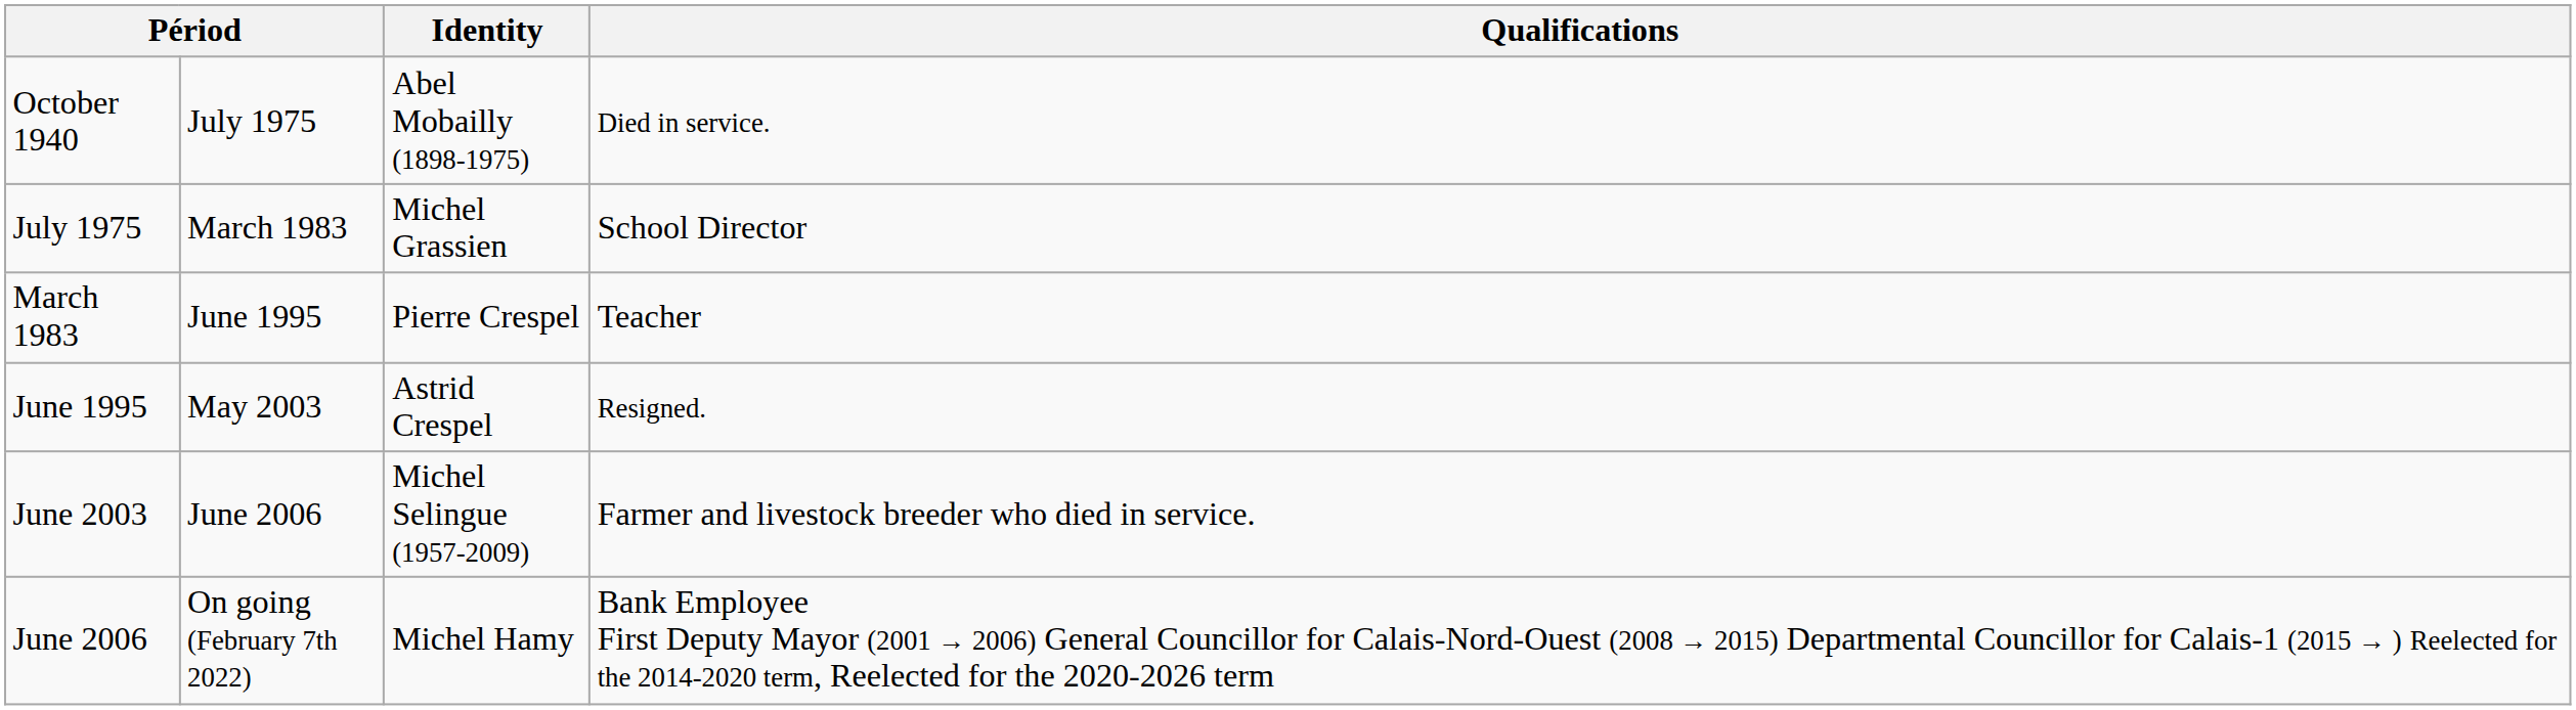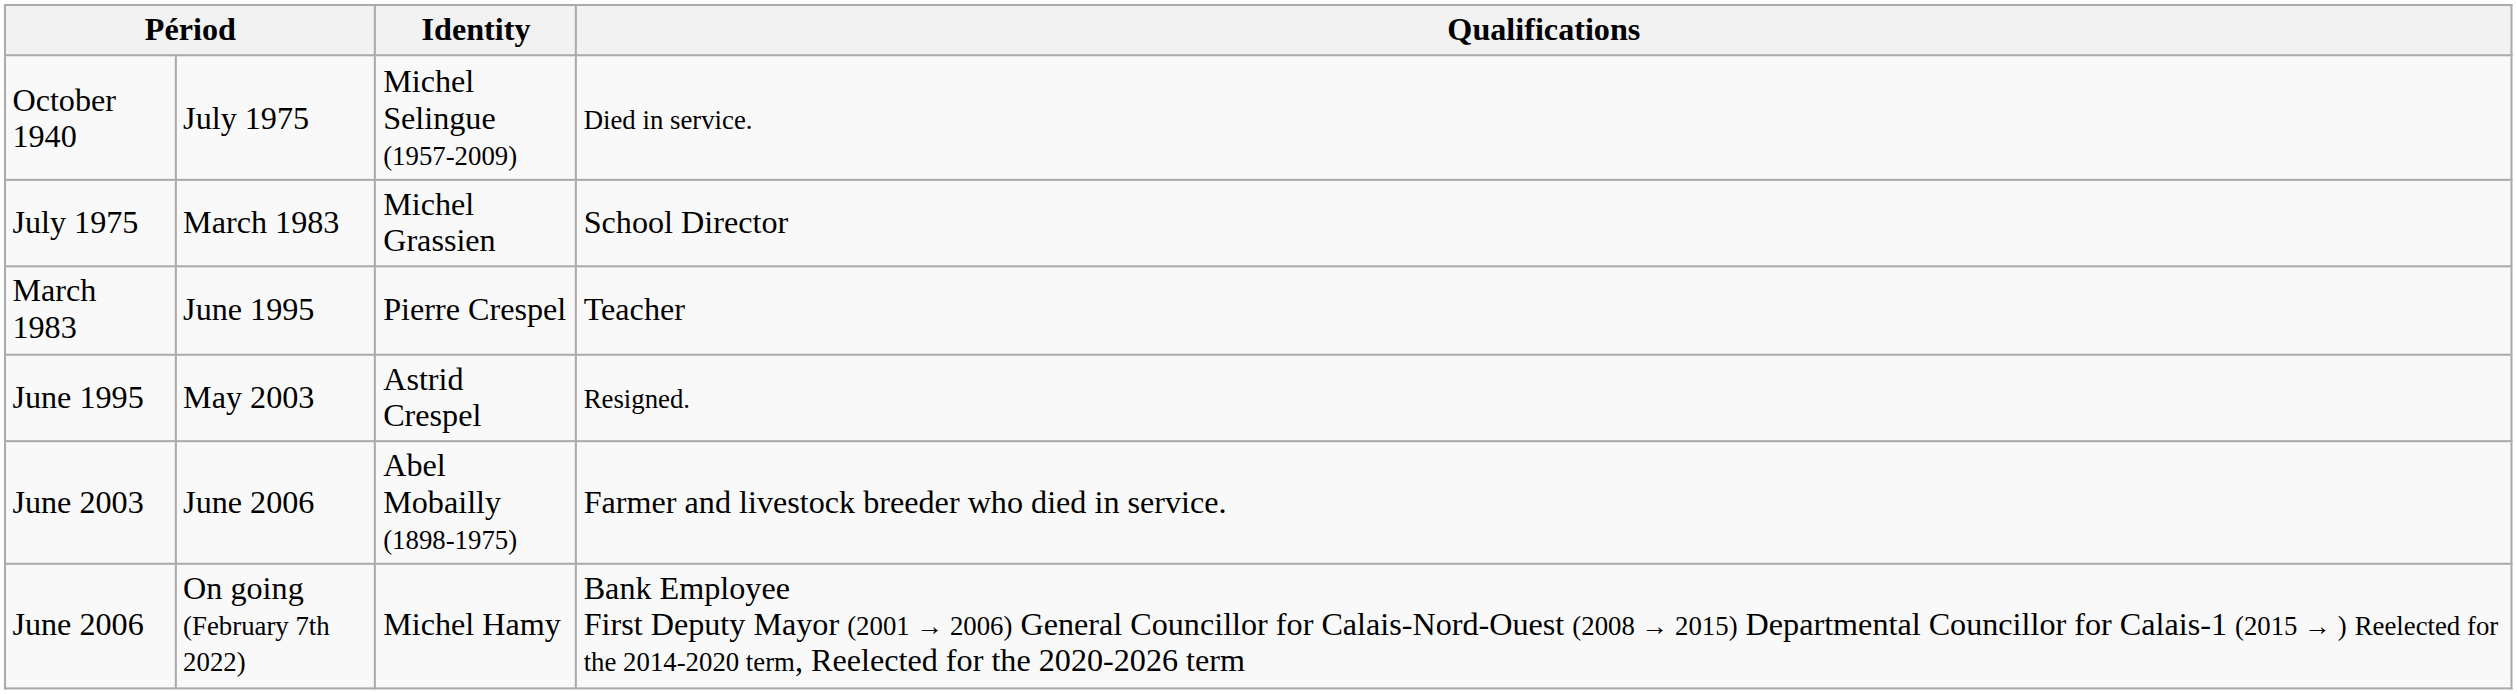 <table class="wikitable">
 <tr>
 <th colspan="2">Périod</th>
 <th>Identity</th>
 <th>Qualifications</th>
 </tr>
 <tr>
 <td>October 1940</td>
 <td>July 1975</td>
-<td>Abel Mobailly<br><small>(1898-1975)</small></td>
+<td>Michel Selingue<br><small>(1957-2009)</small></td>
 <td><small>Died in service.</small></td>
 </tr>
 <tr>
 <td>July 1975</td>
 <td>March 1983</td>
 <td>Michel Grassien</td>
 <td>School Director</td>
 </tr>
 <tr>
 <td>March 1983</td>
 <td>June 1995</td>
 <td>Pierre Crespel</td>
 <td>Teacher</td>
 </tr>
 <tr>
 <td>June 1995</td>
 <td>May 2003</td>
 <td>Astrid Crespel</td>
 <td><small>Resigned.</small></td>
 </tr>
 <tr>
 <td>June 2003</td>
 <td>June 2006</td>
-<td>Michel Selingue<br><small>(1957-2009)</small></td>
+<td>Abel Mobailly<br><small>(1898-1975)</small></td>
 <td>Farmer and livestock breeder who died  in service.</td>
 </tr>
 <tr>
 <td>June 2006</td>
 <td>On going<br><small>(February 7th 2022)</small></td>
 <td>Michel Hamy</td>
 <td>Bank Employee<br>First Deputy Mayor <small>(2001 → 2006)</small> General Councillor for Calais-Nord-Ouest <small>(2008 → 2015)</small> Departmental Councillor for Calais-1 <small>(2015 → )</small> <small>Reelected for the 2014-2020 term</small>, Reelected for the 2020-2026 term</td>
 </tr>
 </table>
